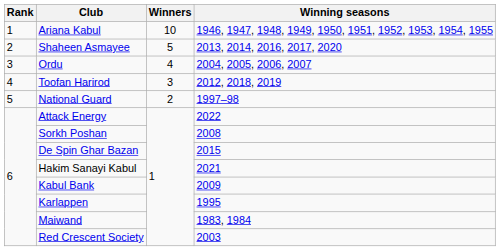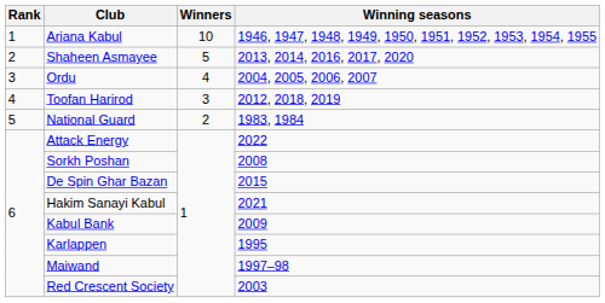 <table class="wikitable sortable">
 <tr>
 <th>Rank</th>
 <th>Club</th>
 <th>Winners</th>
 <th>Winning seasons</th>
 </tr>
 <tr>
 <td>1</td>
 <td><a href='#'>Ariana Kabul</a></td>
 <td align="center">10</td>
 <td><a href='#'>1946</a>, <a href='#'>1947</a>, <a href='#'>1948</a>, <a href='#'>1949</a>, <a href='#'>1950</a>, <a href='#'>1951</a>, <a href='#'>1952</a>, <a href='#'>1953</a>, <a href='#'>1954</a>, <a href='#'>1955</a></td>
 </tr>
 <tr>
 <td>2</td>
 <td><a href='#'>Shaheen Asmayee</a></td>
 <td align="center">5</td>
 <td><a href='#'>2013</a>, <a href='#'>2014</a>, <a href='#'>2016</a>, <a href='#'>2017</a>, <a href='#'>2020</a></td>
 </tr>
 <tr>
 <td>3</td>
 <td><a href='#'>Ordu</a></td>
 <td align="center">4</td>
 <td><a href='#'>2004</a>, <a href='#'>2005</a>, <a href='#'>2006</a>, <a href='#'>2007</a></td>
 </tr>
 <tr>
 <td>4</td>
 <td><a href='#'>Toofan Harirod</a></td>
 <td align="center">3</td>
 <td><a href='#'>2012</a>, <a href='#'>2018</a>, <a href='#'>2019</a></td>
 </tr>
 <tr>
 <td>5</td>
 <td><a href='#'>National Guard</a></td>
 <td align="center">2</td>
-<td><a href='#'>1997–98</a></td>
+<td><a href='#'>1983</a>, <a href='#'>1984</a></td>
 </tr>
 <tr>
 <td rowspan="8">6</td>
 <td><a href='#'>Attack Energy</a></td>
 <td rowspan="8">1</td>
 <td><a href='#'>2022</a></td>
 </tr>
 <tr>
 <td><a href='#'>Sorkh Poshan</a></td>
 <td><a href='#'>2008</a></td>
 </tr>
 <tr>
 <td><a href='#'>De Spin Ghar Bazan</a></td>
 <td><a href='#'>2015</a></td>
 </tr>
 <tr>
 <td>Hakim Sanayi Kabul</td>
 <td><a href='#'>2021</a></td>
 </tr>
 <tr>
 <td><a href='#'>Kabul Bank</a></td>
 <td><a href='#'>2009</a></td>
 </tr>
 <tr>
 <td><a href='#'>Karlappen</a></td>
 <td><a href='#'>1995</a></td>
 </tr>
 <tr>
 <td><a href='#'>Maiwand</a></td>
-<td><a href='#'>1983</a>, <a href='#'>1984</a></td>
+<td><a href='#'>1997–98</a></td>
 </tr>
 <tr>
 <td><a href='#'>Red Crescent Society</a></td>
 <td><a href='#'>2003</a></td>
 </tr>
 </table>
